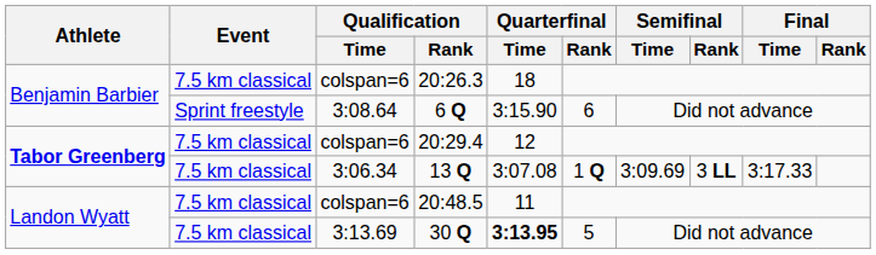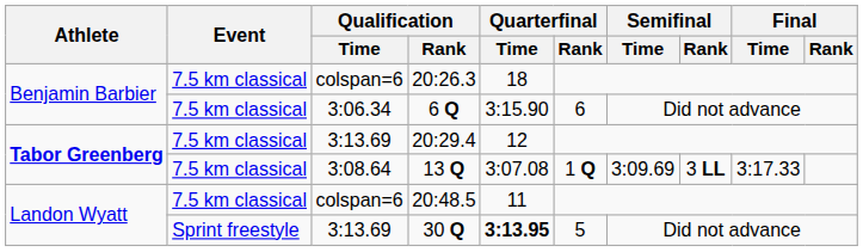 <table class="wikitable" style="font-size:90%">
 <tr>
 <th rowspan="2">Athlete</th>
 <th rowspan="2">Event</th>
 <th colspan="2">Qualification</th>
 <th colspan="2">Quarterfinal</th>
 <th colspan="2">Semifinal</th>
 <th colspan="2">Final</th>
 </tr>
 <tr style="font-size:95%">
 <th>Time</th>
 <th>Rank</th>
 <th>Time</th>
 <th>Rank</th>
 <th>Time</th>
 <th>Rank</th>
 <th>Time</th>
 <th>Rank</th>
 </tr>
 <tr align=center>
 <td align=left rowspan=2><a href='#'>Benjamin Barbier</a></td>
 <td align=left><a href='#'>7.5 km classical</a></td>
 <td>colspan=6</td>
 <td>20:26.3</td>
 <td>18</td>
 </tr>
 <tr align=center>
-<td align=left><a href='#'>Sprint freestyle</a></td>
-<td>3:08.64</td>
+<td align=left><a href='#'>7.5 km classical</a></td>
+<td>3:06.34</td>
 <td>6 <strong>Q</strong></td>
 <td>3:15.90</td>
 <td>6</td>
 <td colspan=4>Did not advance</td>
 </tr>
 <tr align=center>
 <td align=left rowspan=2><strong><a href='#'>Tabor Greenberg</a></strong></td>
 <td align=left><a href='#'>7.5 km classical</a></td>
-<td>colspan=6</td>
+<td>3:13.69</td>
 <td>20:29.4</td>
 <td>12</td>
 </tr>
 <tr align=center>
 <td align=left><a href='#'>7.5 km classical</a></td>
-<td>3:06.34</td>
+<td>3:08.64</td>
 <td>13 <strong>Q</strong></td>
 <td>3:07.08</td>
 <td>1 <strong>Q</strong></td>
 <td>3:09.69</td>
 <td>3 <strong>LL</strong></td>
 <td>3:17.33</td>
 <td></td>
 </tr>
 <tr align=center>
 <td align=left rowspan=2><a href='#'>Landon Wyatt</a></td>
 <td align=left><a href='#'>7.5 km classical</a></td>
 <td>colspan=6</td>
 <td>20:48.5</td>
 <td>11</td>
 </tr>
 <tr align=center>
-<td align=left><a href='#'>7.5 km classical</a></td>
+<td align=left><a href='#'>Sprint freestyle</a></td>
 <td>3:13.69</td>
 <td>30 <strong>Q</strong></td>
 <td><strong>3:13.95</strong></td>
 <td>5</td>
 <td colspan=4>Did not advance</td>
 </tr>
 </table>
